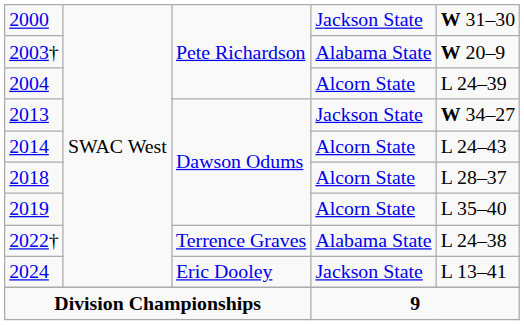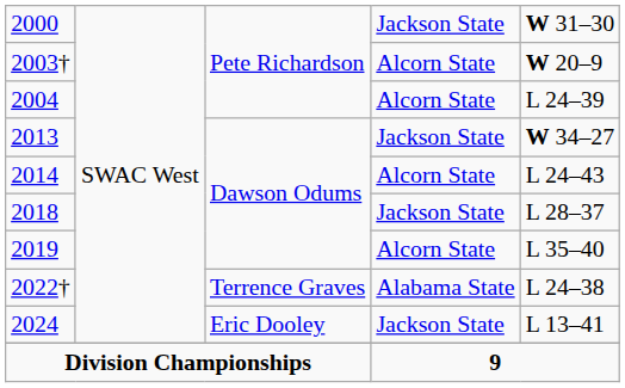 <table class="wikitable">
 <tr>
 <td><a href='#'>2000</a></td>
 <td rowspan="9">SWAC West</td>
 <td rowspan="3"><a href='#'>Pete Richardson</a></td>
 <td><a href='#'>Jackson State</a></td>
 <td><strong>W</strong> 31–30</td>
 </tr>
 <tr>
 <td><a href='#'>2003</a>†</td>
-<td><a href='#'>Alabama State</a></td>
+<td><a href='#'>Alcorn State</a></td>
 <td><strong>W</strong> 20–9</td>
 </tr>
 <tr>
 <td><a href='#'>2004</a></td>
 <td><a href='#'>Alcorn State</a></td>
 <td>L 24–39</td>
 </tr>
 <tr>
 <td><a href='#'>2013</a></td>
 <td rowspan="4"><a href='#'>Dawson Odums</a></td>
 <td><a href='#'>Jackson State</a></td>
 <td><strong>W</strong> 34–27</td>
 </tr>
 <tr>
 <td><a href='#'>2014</a></td>
 <td><a href='#'>Alcorn State</a></td>
 <td>L 24–43</td>
 </tr>
 <tr>
 <td><a href='#'>2018</a></td>
-<td><a href='#'>Alcorn State</a></td>
+<td><a href='#'>Jackson State</a></td>
 <td>L 28–37</td>
 </tr>
 <tr>
 <td><a href='#'>2019</a></td>
 <td><a href='#'>Alcorn State</a></td>
 <td>L 35–40</td>
 </tr>
 <tr>
 <td><a href='#'>2022</a>†</td>
 <td><a href='#'>Terrence Graves</a></td>
 <td><a href='#'>Alabama State</a></td>
 <td>L 24–38</td>
 </tr>
 <tr>
 <td><a href='#'>2024</a></td>
 <td><a href='#'>Eric Dooley</a></td>
 <td><a href='#'>Jackson State</a></td>
 <td>L 13–41</td>
 </tr>
 <tr>
 </tr>
 <tr align="center">
 <td colspan=3><strong>Division Championships</strong></td>
 <td colspan=2><strong>9</strong></td>
 </tr>
 </table>
